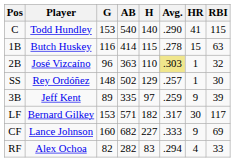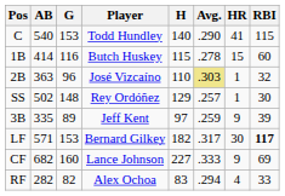 <table class="wikitable sortable">
 <tr>
 <th>Pos</th>
+<th>AB</th>
+<th>G</th>
 <th>Player</th>
-<th>G</th>
-<th>AB</th>
 <th>H</th>
 <th>Avg.</th>
 <th>HR</th>
 <th>RBI</th>
 </tr>
 <tr align="center">
 <td>C</td>
+<td>540</td>
+<td>153</td>
 <td><a href='#'>Todd Hundley</a></td>
-<td>153</td>
-<td>540</td>
 <td>140</td>
 <td>.290</td>
 <td>41</td>
 <td>115</td>
 </tr>
 <tr align=center>
 <td>1B</td>
+<td>414</td>
+<td>116</td>
 <td><a href='#'>Butch Huskey</a></td>
-<td>116</td>
-<td>414</td>
 <td>115</td>
 <td>.278</td>
 <td>15</td>
-<td>63</td>
+<td>60</td>
 </tr>
 <tr align=center>
 <td>2B</td>
+<td>363</td>
+<td>96</td>
 <td><a href='#'>José Vizcaíno</a></td>
-<td>96</td>
-<td>363</td>
 <td>110</td>
 <td style="background: khaki;">.303</td>
 <td>1</td>
 <td>32</td>
 </tr>
 <tr align=center>
 <td>SS</td>
+<td>502</td>
+<td>148</td>
 <td><a href='#'>Rey Ordóñez</a></td>
-<td>148</td>
-<td>502</td>
 <td>129</td>
 <td>.257</td>
 <td>1</td>
 <td>30</td>
 </tr>
 <tr align=center>
 <td>3B</td>
+<td>335</td>
+<td>89</td>
 <td><a href='#'>Jeff Kent</a></td>
-<td>89</td>
-<td>335</td>
 <td>97</td>
 <td>.259</td>
 <td>9</td>
 <td>39</td>
 </tr>
 <tr align=center>
 <td>LF</td>
+<td>571</td>
+<td>153</td>
 <td><a href='#'>Bernard Gilkey</a></td>
-<td>153</td>
-<td>571</td>
 <td>182</td>
 <td>.317</td>
 <td>30</td>
-<td>117</td>
+<td><strong>117</strong></td>
 </tr>
 <tr align=center>
 <td>CF</td>
+<td>682</td>
+<td>160</td>
 <td><a href='#'>Lance Johnson</a></td>
-<td>160</td>
-<td>682</td>
 <td>227</td>
 <td>.333</td>
 <td>9</td>
 <td>69</td>
 </tr>
 <tr align=center>
 <td>RF</td>
+<td>282</td>
+<td>82</td>
 <td><a href='#'>Alex Ochoa</a></td>
-<td>82</td>
-<td>282</td>
 <td>83</td>
 <td>.294</td>
 <td>4</td>
 <td>33</td>
 </tr>
 </table>
